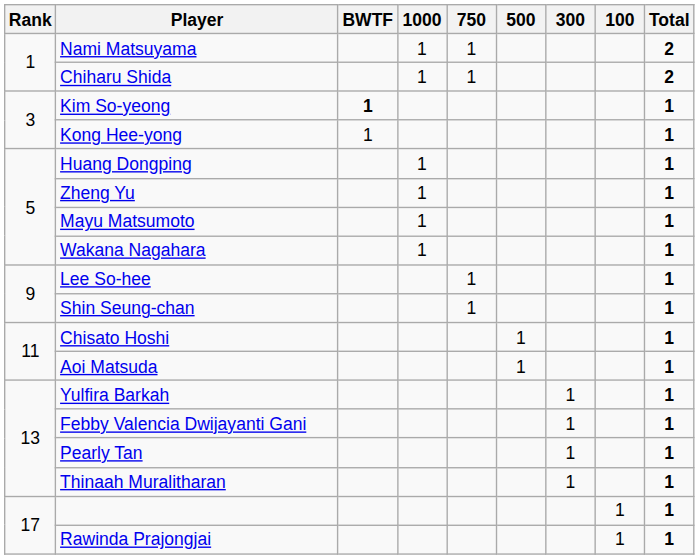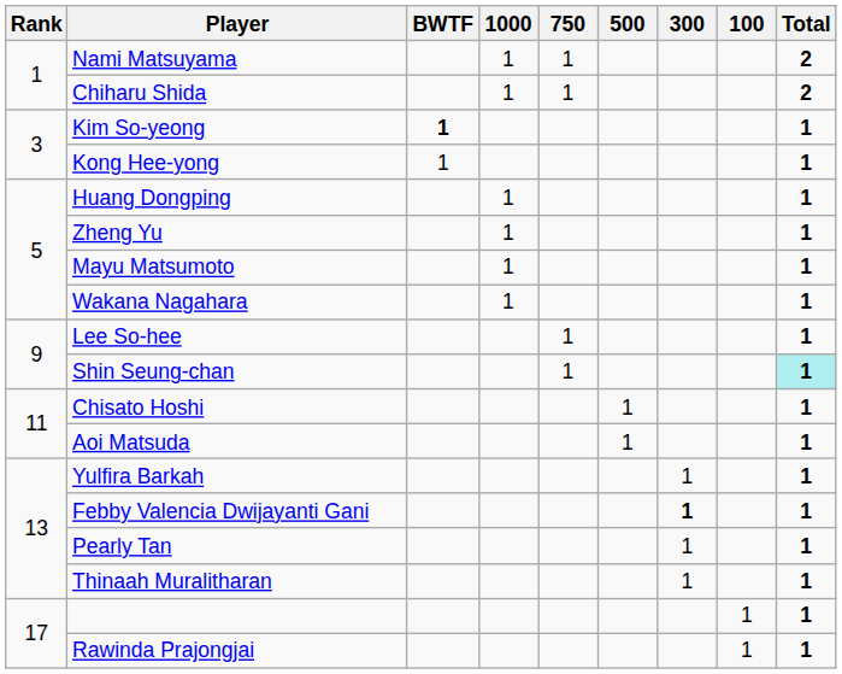 <table class="wikitable" style="font-size:80%; text-align:center">
 <tr>
 <th width="30">Rank</th>
 <th width="200">Player</th>
 <th width="30">BWTF</th>
 <th width="30">1000</th>
 <th width="30">750</th>
 <th width="30">500</th>
 <th width="30">300</th>
 <th width="30">100</th>
 <th width="30">Total</th>
 </tr>
 <tr>
 <td rowspan=2>1</td>
 <td align="left"> <a href='#'>Nami Matsuyama</a></td>
 <td></td>
 <td>1</td>
 <td>1</td>
 <td></td>
 <td></td>
 <td></td>
 <td><strong>2</strong></td>
 </tr>
 <tr>
 <td align="left"> <a href='#'>Chiharu Shida</a></td>
 <td></td>
 <td>1</td>
 <td>1</td>
 <td></td>
 <td></td>
 <td></td>
 <td><strong>2</strong></td>
 </tr>
 <tr>
 <td rowspan="2">3</td>
 <td align="left"> <a href='#'>Kim So-yeong</a></td>
 <td><strong>1</strong></td>
 <td></td>
 <td></td>
 <td></td>
 <td></td>
 <td></td>
 <td><strong>1</strong></td>
 </tr>
 <tr>
 <td align="left"> <a href='#'>Kong Hee-yong</a></td>
 <td>1</td>
 <td></td>
 <td></td>
 <td></td>
 <td></td>
 <td></td>
 <td><strong>1</strong></td>
 </tr>
 <tr>
 <td rowspan="4">5</td>
 <td align="left"> <a href='#'>Huang Dongping</a></td>
 <td></td>
 <td>1</td>
 <td></td>
 <td></td>
 <td></td>
 <td></td>
 <td><strong>1</strong></td>
 </tr>
 <tr>
 <td align="left"> <a href='#'>Zheng Yu</a></td>
 <td></td>
 <td>1</td>
 <td></td>
 <td></td>
 <td></td>
 <td></td>
 <td><strong>1</strong></td>
 </tr>
 <tr>
 <td align="left"> <a href='#'>Mayu Matsumoto</a></td>
 <td></td>
 <td>1</td>
 <td></td>
 <td></td>
 <td></td>
 <td></td>
 <td><strong>1</strong></td>
 </tr>
 <tr>
 <td align="left"> <a href='#'>Wakana Nagahara</a></td>
 <td></td>
 <td>1</td>
 <td></td>
 <td></td>
 <td></td>
 <td></td>
 <td><strong>1</strong></td>
 </tr>
 <tr>
 <td rowspan=2>9</td>
 <td align="left"> <a href='#'>Lee So-hee</a></td>
 <td></td>
 <td></td>
 <td>1</td>
 <td></td>
 <td></td>
 <td></td>
 <td><strong>1</strong></td>
 </tr>
 <tr>
 <td align="left"> <a href='#'>Shin Seung-chan</a></td>
 <td></td>
 <td></td>
 <td>1</td>
 <td></td>
 <td></td>
 <td></td>
-<td><strong>1</strong></td>
+<td style="background: paleturquoise;"><strong>1</strong></td>
 </tr>
 <tr>
 <td rowspan=2>11</td>
 <td align="left"> <a href='#'>Chisato Hoshi</a></td>
 <td></td>
 <td></td>
 <td></td>
 <td>1</td>
 <td></td>
 <td></td>
 <td><strong>1</strong></td>
 </tr>
 <tr>
 <td align="left"> <a href='#'>Aoi Matsuda</a></td>
 <td></td>
 <td></td>
 <td></td>
 <td>1</td>
 <td></td>
 <td></td>
 <td><strong>1</strong></td>
 </tr>
 <tr>
 <td rowspan="4">13</td>
 <td align="left"> <a href='#'>Yulfira Barkah</a></td>
 <td></td>
 <td></td>
 <td></td>
 <td></td>
 <td>1</td>
 <td></td>
 <td><strong>1</strong></td>
 </tr>
 <tr>
 <td align="left" nowrap> <a href='#'>Febby Valencia Dwijayanti Gani</a></td>
 <td></td>
 <td></td>
 <td></td>
 <td></td>
-<td>1</td>
+<td><strong>1</strong></td>
 <td></td>
 <td><strong>1</strong></td>
 </tr>
 <tr>
 <td align="left"> <a href='#'>Pearly Tan</a></td>
 <td></td>
 <td></td>
 <td></td>
 <td></td>
 <td>1</td>
 <td></td>
 <td><strong>1</strong></td>
 </tr>
 <tr>
 <td align="left"> <a href='#'>Thinaah Muralitharan</a></td>
 <td></td>
 <td></td>
 <td></td>
 <td></td>
 <td>1</td>
 <td></td>
 <td><strong>1</strong></td>
 </tr>
 <tr>
 <td rowspan="2">17</td>
 <td align="left"></td>
 <td></td>
 <td></td>
 <td></td>
 <td></td>
 <td></td>
 <td>1</td>
 <td><strong>1</strong></td>
 </tr>
 <tr>
 <td align="left"> <a href='#'>Rawinda Prajongjai</a></td>
 <td></td>
 <td></td>
 <td></td>
 <td></td>
 <td></td>
 <td>1</td>
 <td><strong>1</strong></td>
 </tr>
 </table>
